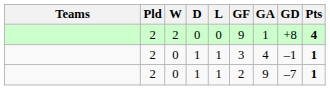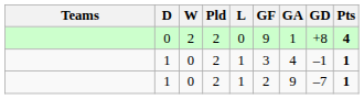 <table class="wikitable" style="text-align: center;">
 <tr>
 <th width=165>Teams</th>
+<th width=20>D</th>
+<th width=20>W</th>
 <th width=20>Pld</th>
-<th width=20>W</th>
-<th width=20>D</th>
 <th width=20>L</th>
 <th width=20>GF</th>
 <th width=20>GA</th>
 <th width=20>GD</th>
 <th width=20>Pts</th>
 </tr>
 <tr align=center style="background:#ccffcc;">
 <td style="text-align:left;"></td>
+<td>0</td>
 <td>2</td>
 <td>2</td>
-<td>0</td>
 <td>0</td>
 <td>9</td>
 <td>1</td>
 <td>+8</td>
 <td><strong>4</strong></td>
 </tr>
 <tr align=center>
 <td style="text-align:left;"></td>
+<td>1</td>
+<td>0</td>
 <td>2</td>
-<td>0</td>
-<td>1</td>
 <td>1</td>
 <td>3</td>
 <td>4</td>
 <td>–1</td>
 <td><strong>1</strong></td>
 </tr>
 <tr align=center>
 <td style="text-align:left;"></td>
+<td>1</td>
+<td>0</td>
 <td>2</td>
-<td>0</td>
-<td>1</td>
 <td>1</td>
 <td>2</td>
 <td>9</td>
 <td>–7</td>
 <td><strong>1</strong></td>
 </tr>
 </table>
